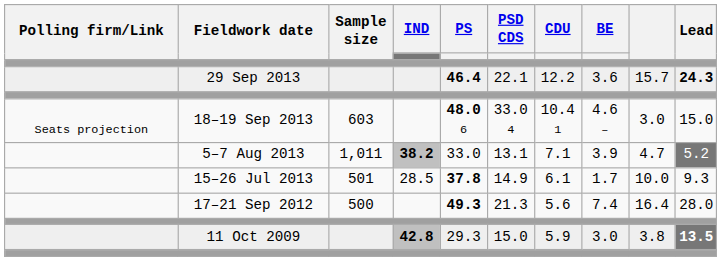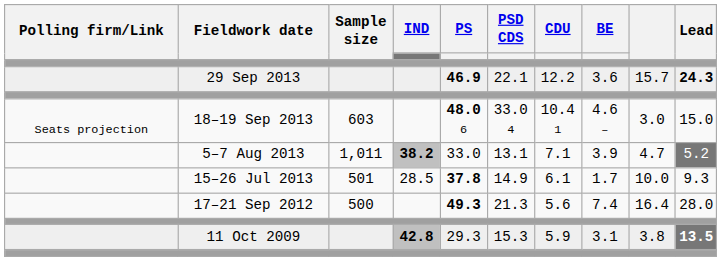 <table class="wikitable collapsible sortable" style="text-align:center; font-size:95%; line-height:16px;">
 <tr style="height:42px;">
 <th style="width:145px;" rowspan="2">Polling firm/Link</th>
 <th style="width:125px;" rowspan="2">Fieldwork date</th>
 <th class="unsortable" style="width:50px;" rowspan="2">Sample size</th>
 <th class="unsortable" style="width:35px;"><a href='#'>IND</a></th>
 <th class="unsortable" style="width:35px;"><a href='#'>PS</a></th>
 <th class="unsortable" style="width:35px;"><a href='#'>PSD</a><br><a href='#'>CDS</a></th>
 <th class="unsortable" style="width:35px;"><a href='#'>CDU</a></th>
 <th class="unsortable" style="width:35px;"><a href='#'>BE</a></th>
 <th class="unsortable" style="width:35px;" rowspan="2"></th>
 <th class="unsortable" style="width:30px;" rowspan="2">Lead</th>
 </tr>
 <tr>
 <th class="unsortable" style="color:inherit;background:#777777;"></th>
 <th class="unsortable" style="color:inherit;background:"></th>
 <th class="unsortable" style="color:inherit;background:"></th>
 <th class="unsortable" style="color:inherit;background:"></th>
 <th class="unsortable" style="color:inherit;background:"></th>
 </tr>
 <tr>
 <td colspan="13" style="background:#A0A0A0"></td>
 </tr>
 <tr style="background:#EFEFEF;">
 <td><strong></strong></td>
 <td data-sort-value="2019-10-06">29 Sep 2013</td>
 <td></td>
 <td></td>
-<td><strong>46.4</strong><br></td>
+<td><strong>46.9</strong><br></td>
 <td>22.1<br></td>
 <td>12.2<br></td>
 <td>3.6<br></td>
 <td>15.7</td>
 <td style="background:"><strong>24.3</strong></td>
 </tr>
 <tr>
 <td colspan="13" style="background:#A0A0A0"></td>
 </tr>
 <tr>
 <td align="center"><br><small>Seats projection</small></td>
 <td align="center">18–19 Sep 2013</td>
 <td>603</td>
 <td></td>
 <td align="center" ><strong>48.0</strong><br><small>6 </small></td>
 <td align="center">33.0<br><small> 4 </small></td>
 <td align="center">10.4<br><small>1 </small></td>
 <td align="center">4.6<br><small> – </small></td>
 <td align="center">3.0</td>
 <td style="background:">15.0</td>
 </tr>
 <tr>
 <td align="center"></td>
 <td align="center">5–7 Aug 2013</td>
 <td>1,011</td>
 <td align="center" style="background:#C0C0C0"><strong>38.2</strong></td>
 <td align="center">33.0</td>
 <td align="center">13.1</td>
 <td align="center">7.1</td>
 <td align="center">3.9</td>
 <td align="center">4.7</td>
 <td style="background:#777777; color:white;">5.2</td>
 </tr>
 <tr>
 <td align="center"></td>
 <td align="center">15–26 Jul 2013</td>
 <td>501</td>
 <td align="center">28.5</td>
 <td align="center" ><strong>37.8</strong></td>
 <td align="center">14.9</td>
 <td align="center">6.1</td>
 <td align="center">1.7</td>
 <td align="center">10.0</td>
 <td style="background:">9.3</td>
 </tr>
 <tr>
 <td align="center"></td>
 <td align="center">17–21 Sep 2012</td>
 <td>500</td>
 <td></td>
 <td align="center" ><strong>49.3</strong></td>
 <td align="center">21.3</td>
 <td align="center">5.6</td>
 <td align="center">7.4</td>
 <td align="center">16.4</td>
 <td style="background:">28.0</td>
 </tr>
 <tr>
 <td colspan="13" style="background:#A0A0A0"></td>
 </tr>
 <tr style="background:#EFEFEF;">
 <td><strong></strong></td>
 <td data-sort-value="2019-10-06">11 Oct 2009</td>
 <td></td>
 <td style="background:#C0C0C0"><strong>42.8</strong><br></td>
 <td>29.3<br></td>
-<td>15.0<br></td>
+<td>15.3<br></td>
 <td>5.9<br></td>
-<td>3.0<br></td>
+<td>3.1<br></td>
 <td>3.8</td>
 <td style="background:#777777; color:white;"><strong>13.5</strong></td>
 </tr>
 <tr>
 <td colspan="13" style="background:#A0A0A0"></td>
 </tr>
 </table>
